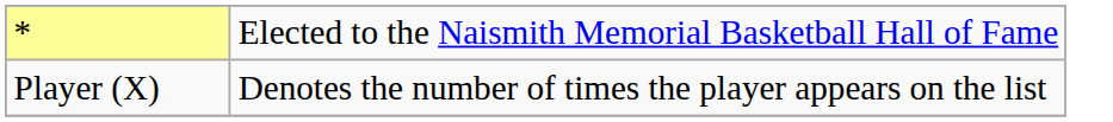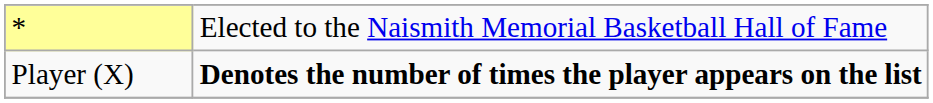 <table class="wikitable">
 <tr>
 <td style="background-color:#FFFF99; width:6em">*</td>
 <td>Elected to the <a href='#'>Naismith Memorial Basketball Hall of Fame</a></td>
 </tr>
 <tr>
 <td>Player (X)</td>
-<td>Denotes the number of times the player appears on the list</td>
+<td><strong>Denotes the number of times the player appears on the list</strong></td>
 </tr>
 <tr>
 </tr>
 </table>
